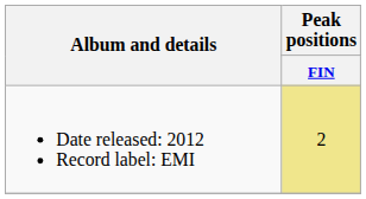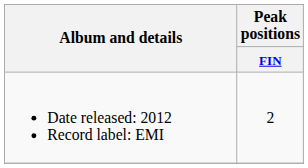 <table class="wikitable">
 <tr>
 <th align="center" rowspan="2" width="230">Album and details</th>
 <th align="center" colspan="1" width="20">Peak positions</th>
 </tr>
 <tr>
 <th width="20"><small><a href='#'>FIN</a><br></small></th>
 </tr>
 <tr>
 <td><br><ul><li>Date released: 2012</li><li>Record label: EMI</li></ul></td>
-<td style="background: khaki; text-align:center;">2</td>
+<td style="text-align:center;">2</td>
 </tr>
 <tr>
 </tr>
 </table>
